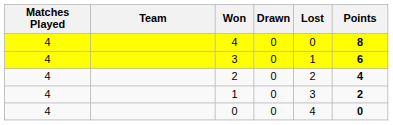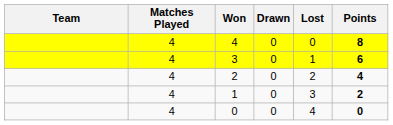 <table class=wikitable style="text-align:center">
 <tr>
+<th width=175>Team</th>
 <th width=120>Matches Played</th>
-<th width=175>Team</th>
 <th width=50>Won</th>
 <th width=50>Drawn</th>
 <th width=50>Lost</th>
 <th width=75>Points</th>
 </tr>
 <tr bgcolor="yellow">
+<td align=left></td>
 <td>4</td>
-<td align=left></td>
 <td>4</td>
 <td>0</td>
 <td>0</td>
 <td><strong>8</strong></td>
 </tr>
 <tr bgcolor="yellow">
+<td align=left></td>
 <td>4</td>
-<td align=left></td>
 <td>3</td>
 <td>0</td>
 <td>1</td>
 <td><strong>6</strong></td>
 </tr>
 <tr>
+<td align=left></td>
 <td>4</td>
-<td align=left></td>
 <td>2</td>
 <td>0</td>
 <td>2</td>
 <td><strong>4</strong></td>
 </tr>
 <tr>
+<td align=left></td>
 <td>4</td>
-<td align=left></td>
 <td>1</td>
 <td>0</td>
 <td>3</td>
 <td><strong>2</strong></td>
 </tr>
 <tr>
+<td align=left></td>
 <td>4</td>
-<td align=left></td>
 <td>0</td>
 <td>0</td>
 <td>4</td>
 <td><strong>0</strong></td>
 </tr>
 </table>
